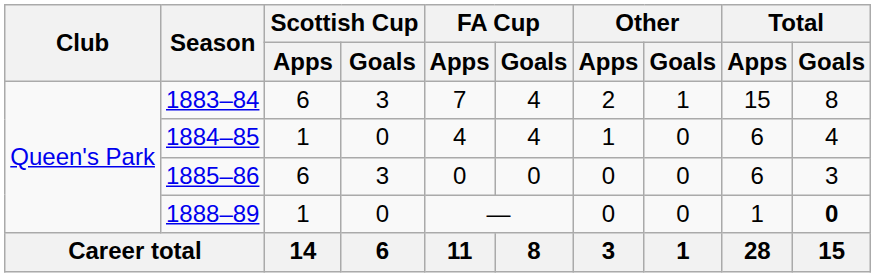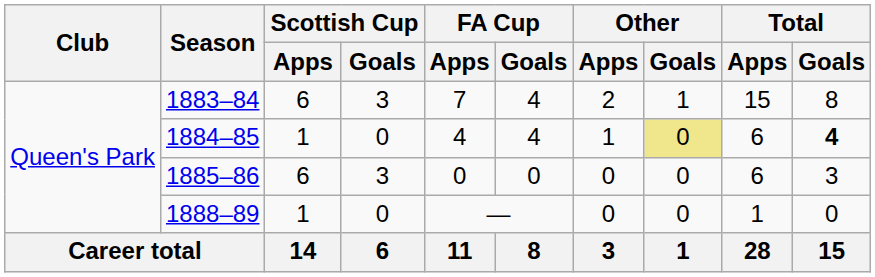 <table class="wikitable" style="text-align: center;">
 <tr>
 <th rowspan="2">Club</th>
 <th rowspan="2">Season</th>
 <th colspan="2">Scottish Cup</th>
 <th colspan="2">FA Cup</th>
 <th colspan="2">Other</th>
 <th colspan="2">Total</th>
 </tr>
 <tr>
 <th>Apps</th>
 <th>Goals</th>
 <th>Apps</th>
 <th>Goals</th>
 <th>Apps</th>
 <th>Goals</th>
 <th>Apps</th>
 <th>Goals</th>
 </tr>
 <tr>
 <td rowspan="4"><a href='#'>Queen's Park</a></td>
 <td><a href='#'>1883–84</a></td>
 <td>6</td>
 <td>3</td>
 <td>7</td>
 <td>4</td>
 <td>2</td>
 <td>1</td>
 <td>15</td>
 <td>8</td>
 </tr>
 <tr>
 <td><a href='#'>1884–85</a></td>
 <td>1</td>
 <td>0</td>
 <td>4</td>
 <td>4</td>
 <td>1</td>
-<td>0</td>
+<td style="background: khaki;">0</td>
 <td>6</td>
-<td>4</td>
+<td><strong>4</strong></td>
 </tr>
 <tr>
 <td><a href='#'>1885–86</a></td>
 <td>6</td>
 <td>3</td>
 <td>0</td>
 <td>0</td>
 <td>0</td>
 <td>0</td>
 <td>6</td>
 <td>3</td>
 </tr>
 <tr>
 <td><a href='#'>1888–89</a></td>
 <td>1</td>
 <td>0</td>
 <td colspan="2">—</td>
 <td>0</td>
 <td>0</td>
 <td>1</td>
-<td><strong>0</strong></td>
+<td>0</td>
 </tr>
 <tr>
 <th colspan="2">Career total</th>
 <th>14</th>
 <th>6</th>
 <th>11</th>
 <th>8</th>
 <th>3</th>
 <th>1</th>
 <th>28</th>
 <th>15</th>
 </tr>
 </table>
